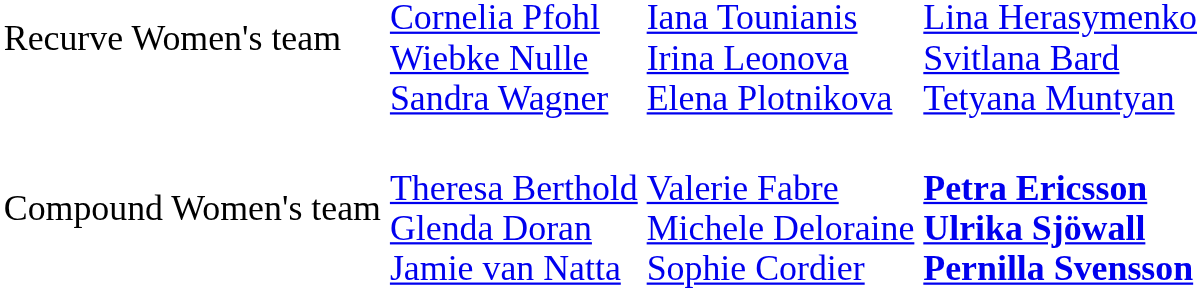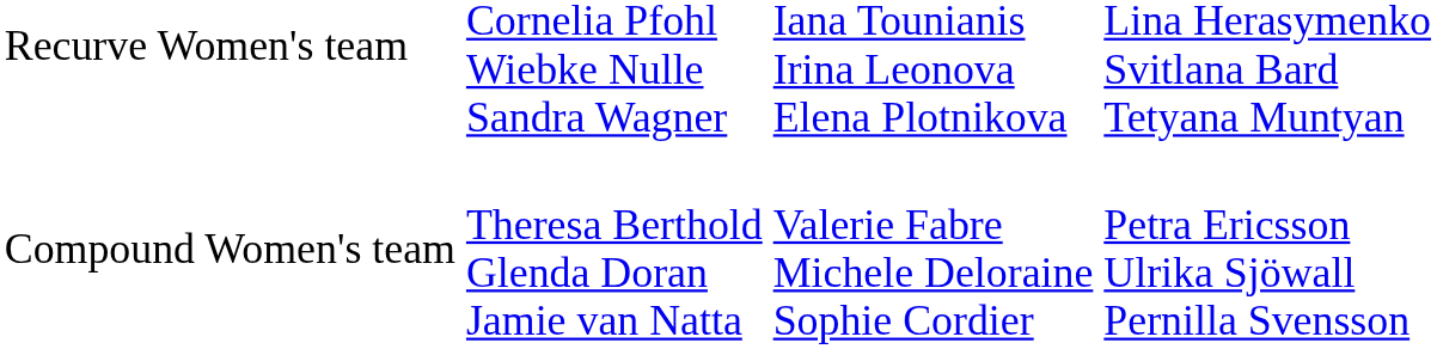 <table>
 <tr>
 <td>Recurve Women's team<br></td>
 <td><br><a href='#'>Cornelia Pfohl</a><br><a href='#'>Wiebke Nulle</a><br><a href='#'>Sandra Wagner</a></td>
 <td><br><a href='#'>Iana Tounianis</a><br><a href='#'>Irina Leonova</a><br><a href='#'>Elena Plotnikova</a></td>
 <td><br><a href='#'>Lina Herasymenko</a><br><a href='#'>Svitlana Bard</a><br><a href='#'>Tetyana Muntyan</a></td>
 </tr>
 <tr>
 <td>Compound Women's team<br></td>
 <td><br><a href='#'>Theresa Berthold</a><br><a href='#'>Glenda Doran</a><br><a href='#'>Jamie van Natta</a></td>
 <td><br><a href='#'>Valerie Fabre</a><br><a href='#'>Michele Deloraine</a><br><a href='#'>Sophie Cordier</a></td>
-<td><strong><br><a href='#'>Petra Ericsson</a><br><a href='#'>Ulrika Sjöwall</a><br><a href='#'>Pernilla Svensson</a></strong></td>
+<td><br><a href='#'>Petra Ericsson</a><br><a href='#'>Ulrika Sjöwall</a><br><a href='#'>Pernilla Svensson</a></td>
 </tr>
 </table>
